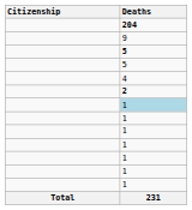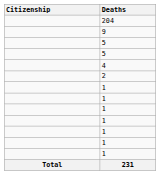 <table class="wikitable sortable floatright" style="font-size:86%; margin:0 0 1.5em 1.5em; width:20%">
 <tr>
 <th style="text-align:left;">Citizenship</th>
 <th style="text-align:left;">Deaths</th>
 </tr>
 <tr>
 <td style="text-align:left;"></td>
-<td><strong>204</strong></td>
+<td>204</td>
 </tr>
 <tr>
 <td style="text-align:left;"></td>
 <td>9</td>
 </tr>
 <tr>
 <td style="text-align:left;"></td>
-<td><strong>5</strong></td>
+<td>5</td>
 </tr>
 <tr>
 <td style="text-align:left;"></td>
 <td>5</td>
 </tr>
 <tr>
 <td style="text-align:left;"></td>
 <td>4</td>
 </tr>
 <tr>
 <td style="text-align:left;"></td>
-<td><strong>2</strong></td>
+<td>2</td>
 </tr>
 <tr>
 <td style="text-align:left;"></td>
-<td style="background: lightblue;">1</td>
+<td>1</td>
 </tr>
 <tr>
 <td style="text-align:left;"></td>
 <td>1</td>
 </tr>
 <tr>
 <td style="text-align:left;"></td>
 <td>1</td>
 </tr>
 <tr>
 <td style="text-align:left;"></td>
 <td>1</td>
 </tr>
 <tr>
 <td style="text-align:left;"></td>
 <td>1</td>
 </tr>
 <tr>
 <td style="text-align:left;"></td>
 <td>1</td>
 </tr>
 <tr>
 <td style="text-align:left;"></td>
 <td>1</td>
 </tr>
 <tr class="sortbottom">
 <th><strong>Total</strong></th>
 <th><strong>231</strong></th>
 </tr>
 </table>
